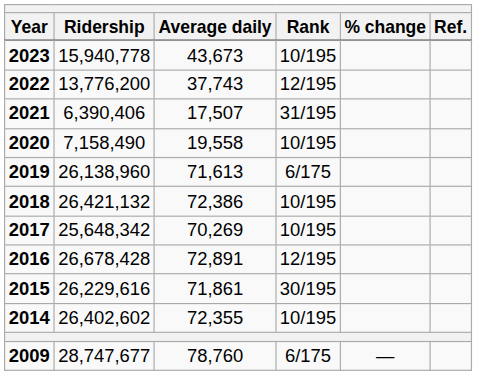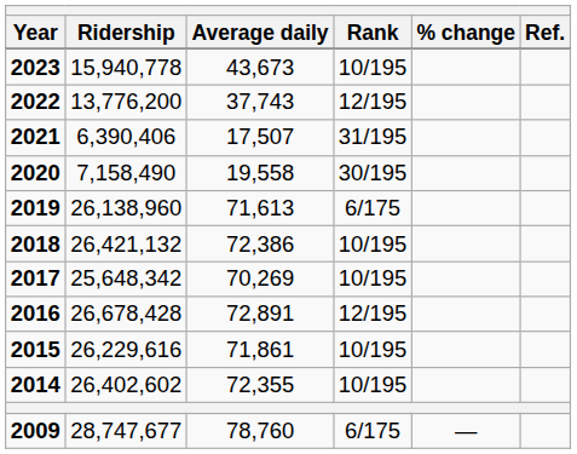 <table class="wikitable sortable" style="text-align:right;">
 <tr>
 <th colspan="6" style="background-color:#"></th>
 </tr>
 <tr style="font-size:95%; text-align:center">
 <th style="border-bottom:1px solid black">Year</th>
 <th style="border-bottom:1px solid black">Ridership</th>
 <th style="border-bottom:1px solid black">Average daily</th>
 <th style="border-bottom:1px solid black">Rank</th>
 <th style="border-bottom:1px solid black">% change</th>
 <th style="border-bottom:1px solid black">Ref.</th>
 </tr>
 <tr>
 </tr>
 <tr style="text-align:center;">
 <td><strong>2023</strong></td>
 <td>15,940,778</td>
 <td>43,673</td>
 <td>10/195</td>
 <td></td>
 <td></td>
 </tr>
 <tr style="text-align:center;">
 <td><strong>2022</strong></td>
 <td>13,776,200</td>
 <td>37,743</td>
 <td>12/195</td>
 <td></td>
 <td></td>
 </tr>
 <tr style="text-align:center;">
 <td><strong>2021</strong></td>
 <td>6,390,406</td>
 <td>17,507</td>
 <td>31/195</td>
 <td></td>
 <td></td>
 </tr>
 <tr style="text-align:center;">
 <td><strong>2020</strong></td>
 <td>7,158,490</td>
 <td>19,558</td>
-<td>10/195</td>
+<td>30/195</td>
 <td></td>
 <td></td>
 </tr>
 <tr style="text-align:center;">
 <td><strong>2019</strong></td>
 <td>26,138,960</td>
 <td>71,613</td>
 <td>6/175</td>
 <td></td>
 <td></td>
 </tr>
 <tr style="text-align:center;">
 <td><strong>2018</strong></td>
 <td>26,421,132</td>
 <td>72,386</td>
 <td>10/195</td>
 <td></td>
 <td></td>
 </tr>
 <tr style="text-align:center;">
 <td><strong>2017</strong></td>
 <td>25,648,342</td>
 <td>70,269</td>
 <td>10/195</td>
 <td></td>
 <td></td>
 </tr>
 <tr style="text-align:center;">
 <td><strong>2016</strong></td>
 <td>26,678,428</td>
 <td>72,891</td>
 <td>12/195</td>
 <td></td>
 <td></td>
 </tr>
 <tr style="text-align:center;">
 <td><strong>2015</strong></td>
 <td>26,229,616</td>
 <td>71,861</td>
-<td>30/195</td>
+<td>10/195</td>
 <td></td>
 <td></td>
 </tr>
 <tr style="text-align:center;">
 <td><strong>2014</strong></td>
 <td>26,402,602</td>
 <td>72,355</td>
 <td>10/195</td>
 <td></td>
 <td></td>
 </tr>
 <tr>
 <th colspan="6" style="background-color:#"></th>
 </tr>
 <tr style="text-align:center;">
 <td><strong>2009</strong></td>
 <td>28,747,677</td>
 <td>78,760</td>
 <td>6/175</td>
 <td>—</td>
 <td></td>
 </tr>
 </table>
